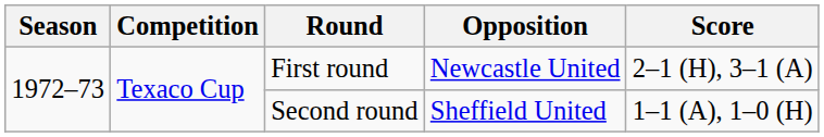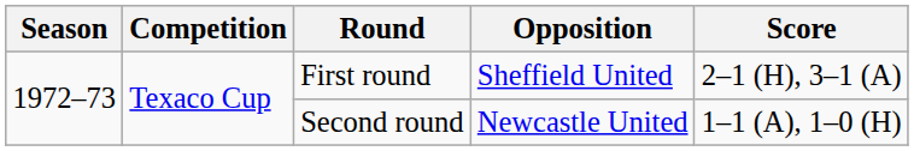 <table class="wikitable">
 <tr>
 <th>Season</th>
 <th>Competition</th>
 <th>Round</th>
 <th>Opposition</th>
 <th>Score</th>
 </tr>
 <tr>
 <td rowspan="2">1972–73</td>
 <td rowspan="2"><a href='#'>Texaco Cup</a></td>
 <td>First round</td>
-<td> <a href='#'>Newcastle United</a></td>
+<td> <a href='#'>Sheffield United</a></td>
 <td>2–1 (H), 3–1 (A)</td>
 </tr>
 <tr>
 <td>Second round</td>
-<td> <a href='#'>Sheffield United</a></td>
+<td> <a href='#'>Newcastle United</a></td>
 <td>1–1 (A), 1–0 (H)</td>
 </tr>
 </table>
